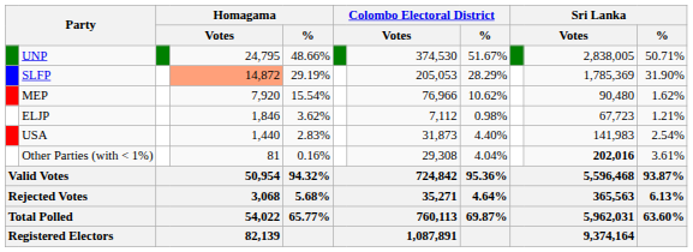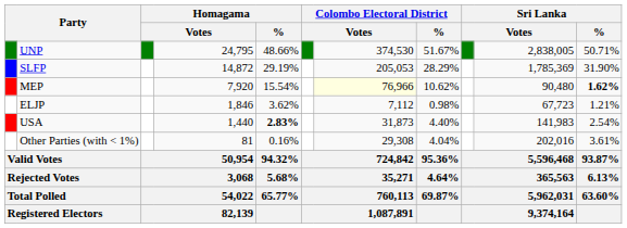 <table class="wikitable">
 <tr>
 <th colspan="2" width="144px"rowspan="2">Party</th>
 <th colspan="3" width="216px">Homagama</th>
 <th colspan="3" width="216px"><a href='#'>Colombo Electoral District</a></th>
 <th colspan="3" width="216px">Sri Lanka</th>
 </tr>
 <tr>
 <th colspan="2" width="144px">Votes</th>
 <th>%</th>
 <th colspan="2" width="144px">Votes</th>
 <th>%</th>
 <th colspan="2" width="144px">Votes</th>
 <th>%</th>
 </tr>
 <tr>
 <td style="background-color:green;" width="10px"></td>
 <td style="text-align:left;"><a href='#'>UNP</a></td>
 <td style="background-color:green;" width="10px"></td>
 <td style="text-align:right;">24,795</td>
 <td style="text-align:right;">48.66%</td>
 <td style="background-color:green;" width="10px"></td>
 <td style="text-align:right;">374,530</td>
 <td style="text-align:right;">51.67%</td>
 <td style="background-color:green;" width="10px"></td>
 <td style="text-align:right;">2,838,005</td>
 <td style="text-align:right;">50.71%</td>
 </tr>
 <tr>
 <td style="background-color:blue;" width="10px"></td>
 <td style="text-align:left;"><a href='#'>SLFP</a></td>
 <td style="background-color:white;" width="10px"></td>
-<td style="background: lightsalmon; text-align:right;">14,872</td>
+<td style="text-align:right;">14,872</td>
 <td style="text-align:right;">29.19%</td>
 <td style="background-color:white;" width="10px"></td>
 <td style="text-align:right;">205,053</td>
 <td style="text-align:right;">28.29%</td>
 <td style="background-color:white;" width="10px"></td>
 <td style="text-align:right;">1,785,369</td>
 <td style="text-align:right;">31.90%</td>
 </tr>
 <tr>
 <td style="background-color:red;" width="10px"></td>
 <td style="text-align:left;">MEP</td>
 <td style="background-color:white;" width="10px"></td>
 <td style="text-align:right;">7,920</td>
 <td style="text-align:right;">15.54%</td>
 <td style="background-color:white;" width="10px"></td>
-<td style="text-align:right;">76,966</td>
+<td style="background: lightyellow; text-align:right;">76,966</td>
 <td style="text-align:right;">10.62%</td>
 <td style="background-color:white;" width="10px"></td>
 <td style="text-align:right;">90,480</td>
-<td style="text-align:right;">1.62%</td>
+<td style="text-align:right;"><strong>1.62%</strong></td>
 </tr>
 <tr>
 <td style="background-color:white;" width="10px"></td>
 <td style="text-align:left;">ELJP</td>
 <td style="background-color:white;" width="10px"></td>
 <td style="text-align:right;">1,846</td>
 <td style="text-align:right;">3.62%</td>
 <td style="background-color:white;" width="10px"></td>
 <td style="text-align:right;">7,112</td>
 <td style="text-align:right;">0.98%</td>
 <td style="background-color:white;" width="10px"></td>
 <td style="text-align:right;">67,723</td>
 <td style="text-align:right;">1.21%</td>
 </tr>
 <tr>
 <td style="background-color:red;" width="10px"></td>
 <td style="text-align:left;">USA</td>
 <td style="background-color:white;" width="10px"></td>
 <td style="text-align:right;">1,440</td>
-<td style="text-align:right;">2.83%</td>
+<td style="text-align:right;"><strong>2.83%</strong></td>
 <td style="background-color:white;" width="10px"></td>
 <td style="text-align:right;">31,873</td>
 <td style="text-align:right;">4.40%</td>
 <td style="background-color:white;" width="10px"></td>
 <td style="text-align:right;">141,983</td>
 <td style="text-align:right;">2.54%</td>
 </tr>
 <tr>
 <td style="background-color:white;" width="10px"></td>
 <td style="text-align:left;">Other Parties (with < 1%)</td>
 <td style="background-color:white;" width="10px"></td>
 <td style="text-align:right;">81</td>
 <td style="text-align:right;">0.16%</td>
 <td style="background-color:white;" width="10px"></td>
 <td style="text-align:right;">29,308</td>
 <td style="text-align:right;">4.04%</td>
 <td style="background-color:white;" width="10px"></td>
-<td style="text-align:right;"><strong>202,016</strong></td>
+<td style="text-align:right;">202,016</td>
 <td style="text-align:right;">3.61%</td>
 </tr>
 <tr>
 <th colspan="2" width="144px"style="text-align:left;">Valid Votes</th>
 <th style="text-align:right;"colspan="2" width="144px">50,954</th>
 <th style="text-align:right;">94.32%</th>
 <th style="text-align:right;"colspan="2" width="144px">724,842</th>
 <th style="text-align:right;">95.36%</th>
 <th style="text-align:right;"colspan="2" width="144px">5,596,468</th>
 <th style="text-align:right;">93.87%</th>
 </tr>
 <tr>
 <th colspan="2" width="144px"style="text-align:left;">Rejected Votes</th>
 <th style="text-align:right;"colspan="2" width="144px">3,068</th>
 <th style="text-align:right;">5.68%</th>
 <th style="text-align:right;"colspan="2" width="144px">35,271</th>
 <th style="text-align:right;">4.64%</th>
 <th style="text-align:right;"colspan="2" width="144px">365,563</th>
 <th style="text-align:right;">6.13%</th>
 </tr>
 <tr>
 <th colspan="2" width="144px"style="text-align:left;">Total Polled</th>
 <th style="text-align:right;"colspan="2" width="144px">54,022</th>
 <th style="text-align:right;">65.77%</th>
 <th style="text-align:right;"colspan="2" width="144px">760,113</th>
 <th style="text-align:right;">69.87%</th>
 <th style="text-align:right;"colspan="2" width="144px">5,962,031</th>
 <th style="text-align:right;">63.60%</th>
 </tr>
 <tr>
 <th colspan="2" width="144px"style="text-align:left;">Registered Electors</th>
 <th style="text-align:right;"colspan="2" width="144px">82,139</th>
 <th></th>
 <th style="text-align:right;"colspan="2" width="144px">1,087,891</th>
 <th></th>
 <th style="text-align:right;"colspan="2" width="144px">9,374,164</th>
 <th></th>
 </tr>
 </table>
